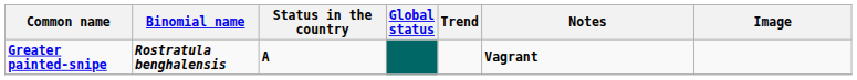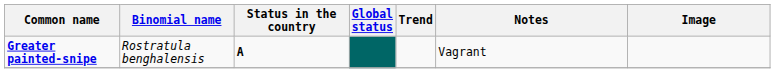 <table class="wikitable sortable">
 <tr>
 <th width="15%">Common name</th>
 <th width="15%"><a href='#'>Binomial name</a></th>
 <th data-sort-type="number" width="15%">Status in the country</th>
 <th width="5%"><a href='#'>Global status</a></th>
 <th width="5%">Trend</th>
 <th class="unsortable">Notes</th>
 <th class="unsortable">Image</th>
 </tr>
 <tr>
 <td><strong><a href='#'>Greater painted-snipe</a></strong></td>
-<td><strong><em>Rostratula benghalensis</em></strong></td>
+<td><em>Rostratula benghalensis</em></td>
 <td><strong>A</strong></td>
 <td align=center style="background: #006666"></td>
 <td align=center></td>
-<td><strong>Vagrant</strong></td>
+<td>Vagrant</td>
 <td></td>
 </tr>
 <tr>
 </tr>
 </table>
